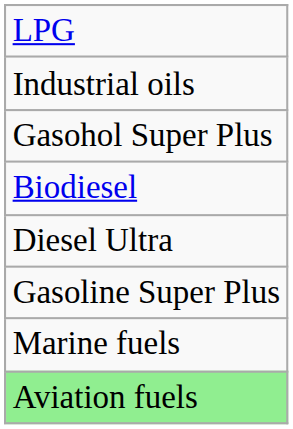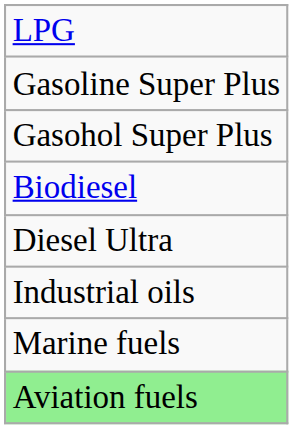 <table class="wikitable">
 <tr>
 <td><a href='#'>LPG</a></td>
 </tr>
 <tr>
-<td>Industrial oils</td>
+<td>Gasoline Super Plus</td>
 </tr>
 <tr>
 <td>Gasohol Super Plus</td>
 </tr>
 <tr>
 <td><a href='#'>Biodiesel</a></td>
 </tr>
 <tr>
 <td>Diesel Ultra</td>
 </tr>
 <tr>
-<td>Gasoline Super Plus</td>
+<td>Industrial oils</td>
 </tr>
 <tr>
 <td>Marine fuels</td>
 </tr>
 <tr>
 <td style="background: lightgreen;">Aviation fuels</td>
 </tr>
 </table>
